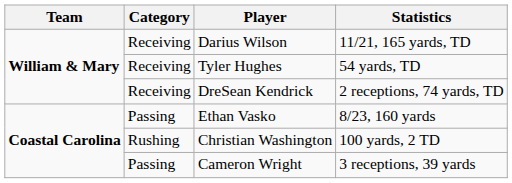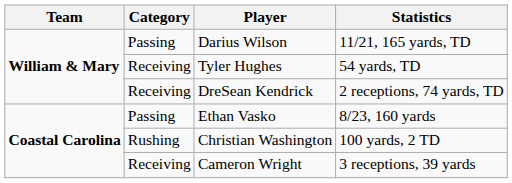 <table class="wikitable" style="float: right;">
 <tr>
 <th>Team</th>
 <th>Category</th>
 <th>Player</th>
 <th>Statistics</th>
 </tr>
 <tr>
 <td rowspan=3><strong>William & Mary</strong></td>
-<td>Receiving</td>
+<td>Passing</td>
 <td>Darius Wilson</td>
 <td>11/21, 165 yards, TD</td>
 </tr>
 <tr>
 <td>Receiving</td>
 <td>Tyler Hughes</td>
 <td>54 yards, TD</td>
 </tr>
 <tr>
 <td>Receiving</td>
 <td>DreSean Kendrick</td>
 <td>2 receptions, 74 yards, TD</td>
 </tr>
 <tr>
 <td rowspan=3><strong>Coastal Carolina</strong></td>
 <td>Passing</td>
 <td>Ethan Vasko</td>
 <td>8/23, 160 yards</td>
 </tr>
 <tr>
 <td>Rushing</td>
 <td>Christian Washington</td>
 <td>100 yards, 2 TD</td>
 </tr>
 <tr>
-<td>Passing</td>
+<td>Receiving</td>
 <td>Cameron Wright</td>
 <td>3 receptions, 39 yards</td>
 </tr>
 </table>
